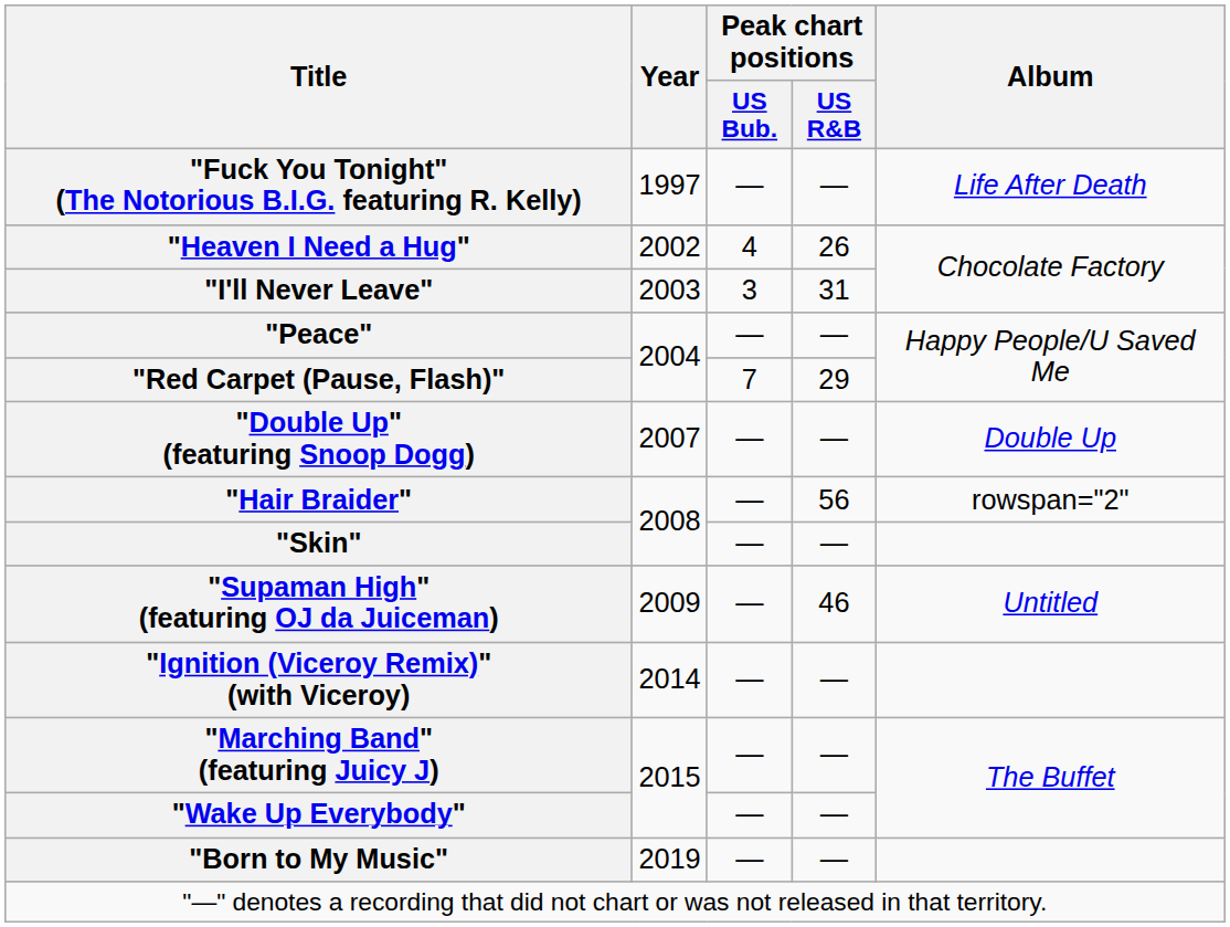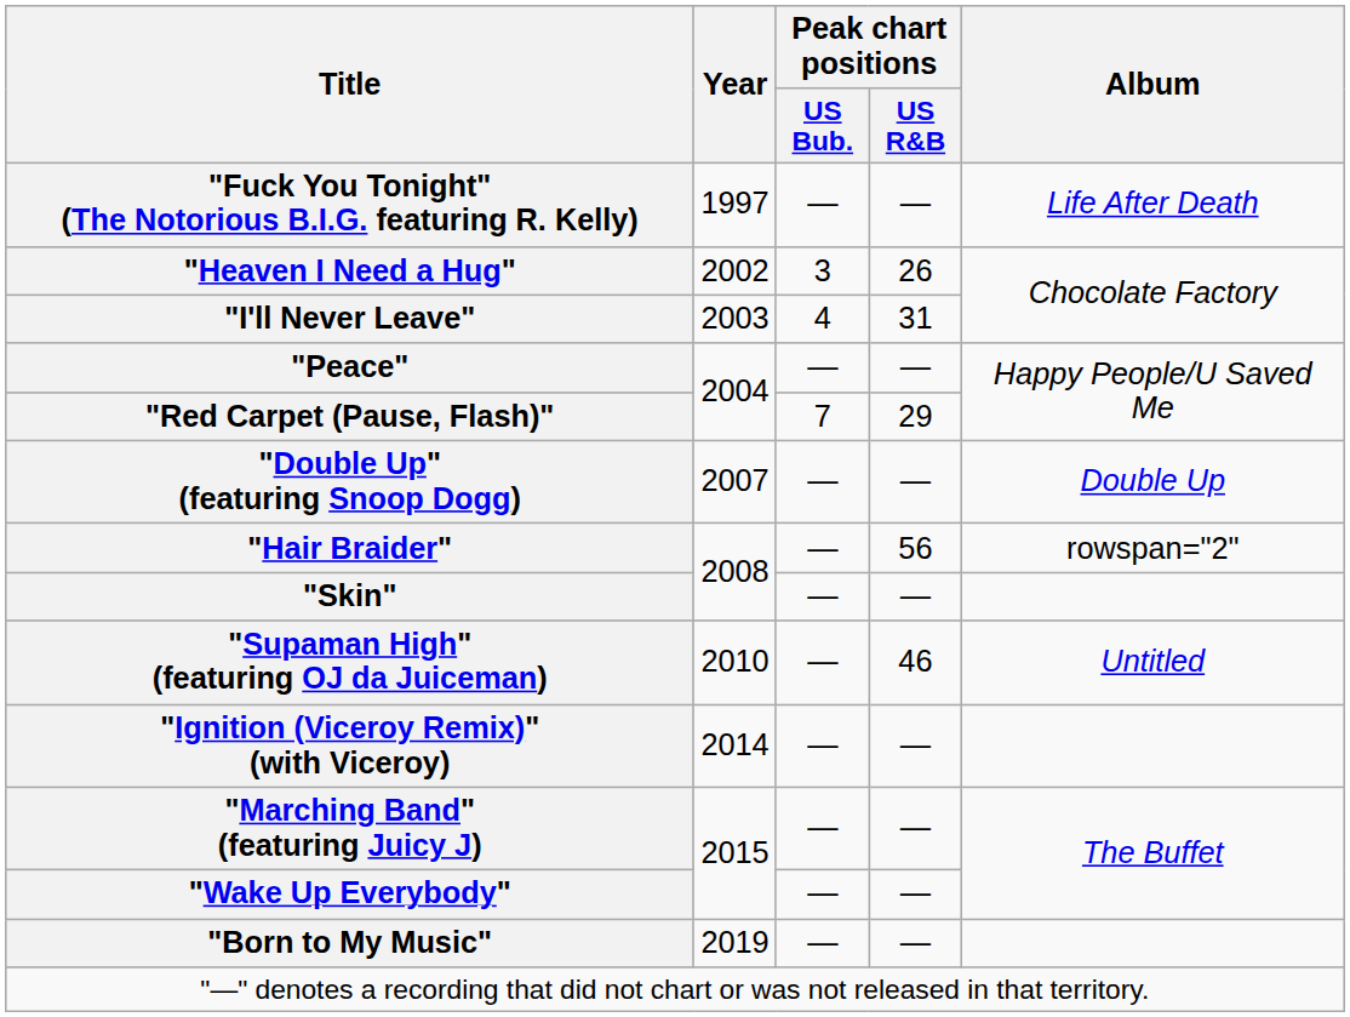 <table class="wikitable plainrowheaders" style="text-align:center;">
 <tr>
 <th scope="col" rowspan="2" style="width:22em;">Title</th>
 <th scope="col" rowspan="2">Year</th>
 <th scope="col" colspan="2">Peak chart positions</th>
 <th scope="col" rowspan="2" style="width:12em;">Album</th>
 </tr>
 <tr>
 <th scope="col" style="width:2.9em;font-size:90%;"><a href='#'>US<br>Bub.</a><br></th>
 <th scope="col" style="width:2.9em;font-size:90%;"><a href='#'>US<br>R&B</a><br></th>
 </tr>
 <tr>
 <th scope="row">"Fuck You Tonight"<br><span>(<a href='#'>The Notorious B.I.G.</a> featuring R. Kelly)</span></th>
 <td>1997</td>
 <td>—</td>
 <td>—</td>
 <td><em><a href='#'>Life After Death</a></em></td>
 </tr>
 <tr>
 <th scope="row">"<a href='#'>Heaven I Need a Hug</a>"</th>
 <td>2002</td>
-<td>4</td>
+<td>3</td>
 <td>26</td>
 <td rowspan="2"><em>Chocolate Factory</em></td>
 </tr>
 <tr>
 <th scope="row">"I'll Never Leave"</th>
 <td>2003</td>
-<td>3</td>
+<td>4</td>
 <td>31</td>
 </tr>
 <tr>
 <th scope="row">"Peace"</th>
 <td rowspan="2">2004</td>
 <td>—</td>
 <td>—</td>
 <td rowspan="2"><em>Happy People/U Saved Me</em></td>
 </tr>
 <tr>
 <th scope="row">"Red Carpet (Pause, Flash)"</th>
 <td>7</td>
 <td>29</td>
 </tr>
 <tr>
 <th scope="row">"<a href='#'>Double Up</a>"<br><span>(featuring <a href='#'>Snoop Dogg</a>)</span></th>
 <td>2007</td>
 <td>—</td>
 <td>—</td>
 <td><em><a href='#'>Double Up</a></em></td>
 </tr>
 <tr>
 <th scope="row">"<a href='#'>Hair Braider</a>"</th>
 <td rowspan="2">2008</td>
 <td>—</td>
 <td>56</td>
 <td>rowspan="2" </td>
 </tr>
 <tr>
 <th scope="row">"Skin"</th>
 <td>—</td>
 <td>—</td>
 </tr>
 <tr>
 <th scope="row">"<a href='#'>Supaman High</a>"<br><span>(featuring <a href='#'>OJ da Juiceman</a>)</span></th>
-<td>2009</td>
+<td>2010</td>
 <td>—</td>
 <td>46</td>
 <td><em><a href='#'>Untitled</a></em></td>
 </tr>
 <tr>
 <th scope="row">"<a href='#'>Ignition (Viceroy Remix)</a>"<br><span>(with Viceroy)</span></th>
 <td>2014</td>
 <td>—</td>
 <td>—</td>
 <td></td>
 </tr>
 <tr>
 <th scope="row">"<a href='#'>Marching Band</a>"<br><span>(featuring <a href='#'>Juicy J</a>)</span></th>
 <td rowspan="2">2015</td>
 <td>—</td>
 <td>—</td>
 <td rowspan="2"><em><a href='#'>The Buffet</a></em></td>
 </tr>
 <tr>
 <th scope="row">"<a href='#'>Wake Up Everybody</a>"</th>
 <td>—</td>
 <td>—</td>
 </tr>
 <tr>
 <th scope="row">"Born to My Music"</th>
 <td>2019</td>
 <td>—</td>
 <td>—</td>
 <td></td>
 </tr>
 <tr>
 <td colspan="14" style="font-size:90%">"—" denotes a recording that did not chart or was not released in that territory.</td>
 </tr>
 </table>
